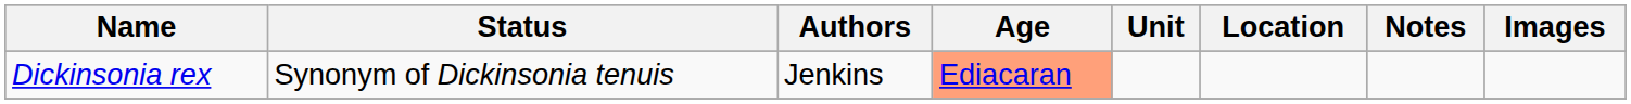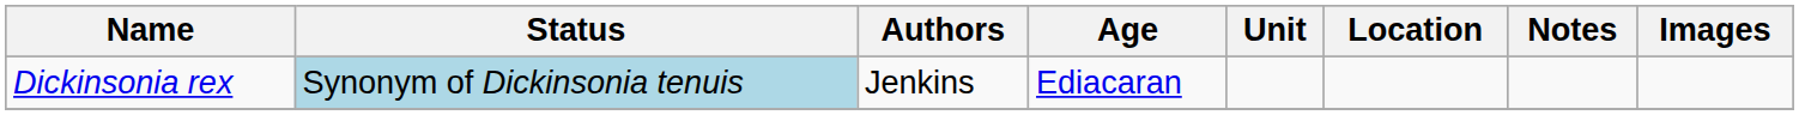 <table class="wikitable sortable" align="center" width="100%">
 <tr>
 <th>Name</th>
 <th>Status</th>
 <th>Authors</th>
 <th>Age</th>
 <th>Unit</th>
 <th>Location</th>
 <th class="unsortable">Notes</th>
 <th class="unsortable">Images</th>
 </tr>
 <tr>
 <td><em><a href='#'>Dickinsonia rex</a></em> </td>
-<td>Synonym of <em>Dickinsonia tenuis</em></td>
+<td style="background: lightblue;">Synonym of <em>Dickinsonia tenuis</em></td>
 <td>Jenkins</td>
-<td style="background: lightsalmon;"><a href='#'>Ediacaran</a></td>
+<td><a href='#'>Ediacaran</a></td>
 <td></td>
 <td></td>
 <td></td>
 <td></td>
 </tr>
 <tr>
 </tr>
 </table>
